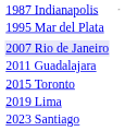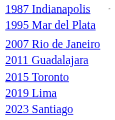 <table>
 <tr>
 <td><a href='#'>1987 Indianapolis</a></td>
 <td></td>
 <td></td>
 <td><hr></td>
 </tr>
 <tr>
 <td><a href='#'>1995 Mar del Plata</a></td>
 <td></td>
 <td></td>
 <td></td>
 </tr>
 <tr>
 <td></td>
 <td></td>
 <td></td>
 <td></td>
 </tr>
 <tr>
-<td style="background: lavender;"><a href='#'>2007 Rio de Janeiro</a></td>
+<td><a href='#'>2007 Rio de Janeiro</a></td>
 <td></td>
 <td></td>
 <td></td>
 </tr>
 <tr>
 <td><a href='#'>2011 Guadalajara</a></td>
 <td></td>
 <td></td>
 <td></td>
 </tr>
 <tr>
 <td><a href='#'>2015 Toronto</a></td>
 <td></td>
 <td></td>
 <td></td>
 </tr>
 <tr>
 <td><a href='#'>2019 Lima</a></td>
 <td></td>
 <td></td>
 <td></td>
 </tr>
 <tr>
 <td><a href='#'>2023 Santiago</a></td>
 <td></td>
 <td></td>
 <td></td>
 </tr>
 </table>
